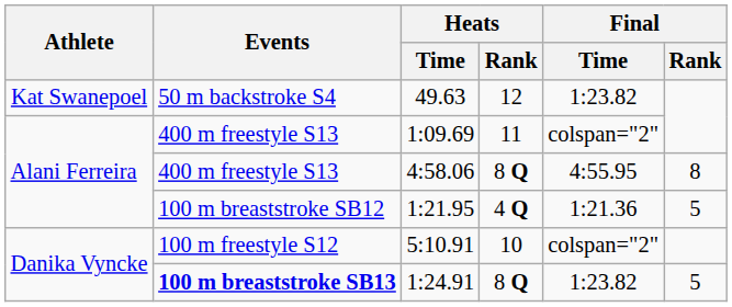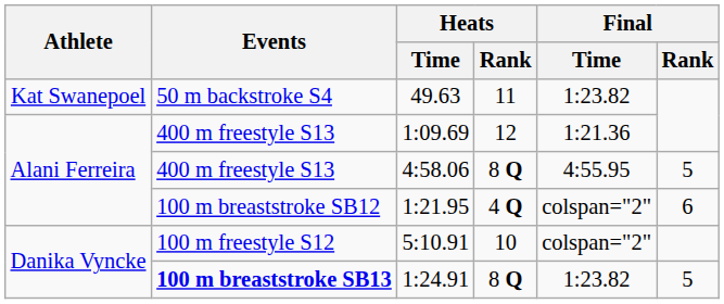 <table class=wikitable style="font-size:90%">
 <tr>
 <th rowspan="2">Athlete</th>
 <th rowspan="2">Events</th>
 <th colspan="2">Heats</th>
 <th colspan="2">Final</th>
 </tr>
 <tr>
 <th>Time</th>
 <th>Rank</th>
 <th>Time</th>
 <th>Rank</th>
 </tr>
 <tr align="center">
 <td><a href='#'>Kat Swanepoel</a></td>
 <td align="left"><a href='#'>50 m backstroke S4</a></td>
 <td>49.63</td>
-<td>12</td>
+<td>11</td>
 <td>1:23.82</td>
 </tr>
 <tr align="center">
 <td rowspan="3" align="left"><a href='#'>Alani Ferreira</a></td>
 <td align="left"><a href='#'>400 m freestyle S13</a></td>
 <td>1:09.69</td>
-<td>11</td>
-<td>colspan="2" </td>
+<td>12</td>
+<td>1:21.36</td>
 </tr>
 <tr align="center">
 <td align="left"><a href='#'>400 m freestyle S13</a></td>
 <td>4:58.06</td>
 <td>8 <strong>Q</strong></td>
 <td>4:55.95</td>
-<td>8</td>
+<td>5</td>
 </tr>
 <tr align="center">
 <td align="left"><a href='#'>100 m breaststroke SB12</a></td>
 <td>1:21.95</td>
 <td>4 <strong>Q</strong></td>
-<td>1:21.36</td>
-<td>5</td>
+<td>colspan="2" </td>
+<td>6</td>
 </tr>
 <tr align="center">
 <td rowspan="2" align="left"><a href='#'>Danika Vyncke</a></td>
 <td align="left"><a href='#'>100 m freestyle S12</a></td>
 <td>5:10.91</td>
 <td>10</td>
 <td>colspan="2" </td>
 </tr>
 <tr align="center">
 <td align="left"><strong><a href='#'>100 m breaststroke SB13</a></strong></td>
 <td>1:24.91</td>
 <td>8 <strong>Q</strong></td>
 <td>1:23.82</td>
 <td>5</td>
 </tr>
 </table>
